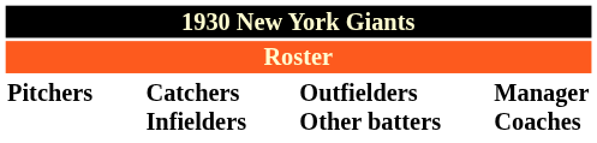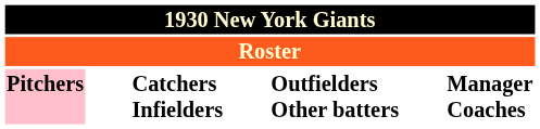 <table class="toccolours" style="font-size: 95%;">
 <tr>
 <th colspan="10" style="background-color: black; color: #FFFDD0; text-align: center;">1930 New York Giants</th>
 </tr>
 <tr>
 <td colspan="10" style="background-color: #fd5a1e; color: #FFFDD0; text-align: center;"><strong>Roster</strong></td>
 </tr>
 <tr>
-<td valign="top"><strong>Pitchers</strong><br>                  </td>
+<td valign="top" style="background: pink;"><strong>Pitchers</strong><br>                  </td>
 <td width="25px"></td>
 <td valign="top"><strong>Catchers</strong><br>   <strong>Infielders</strong>           </td>
 <td width="25px"></td>
 <td valign="top"><strong>Outfielders</strong><br>          <strong>Other batters</strong> </td>
 <td width="25px"></td>
 <td valign="top"><strong>Manager</strong><br> <strong>Coaches</strong>  </td>
 </tr>
 </table>
